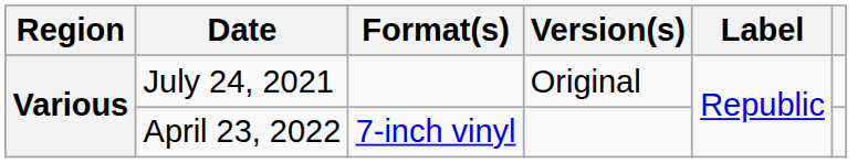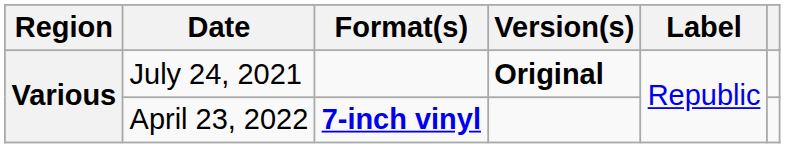 <table class="wikitable plainrowheaders">
 <tr>
 <th scope="col">Region</th>
 <th scope="col">Date</th>
 <th scope="col">Format(s)</th>
 <th scope="col">Version(s)</th>
 <th scope="col">Label</th>
 <th scope="col"></th>
 </tr>
 <tr>
 <th scope="row" rowspan="2">Various</th>
 <td>July 24, 2021</td>
 <td></td>
-<td>Original</td>
+<td><strong>Original</strong></td>
 <td rowspan="2"><a href='#'>Republic</a></td>
 <td align="center"></td>
 </tr>
 <tr>
 <td>April 23, 2022</td>
-<td><a href='#'>7-inch vinyl</a></td>
+<td><strong><a href='#'>7-inch vinyl</a></strong></td>
 <td></td>
 <td align="center"></td>
 </tr>
 </table>
